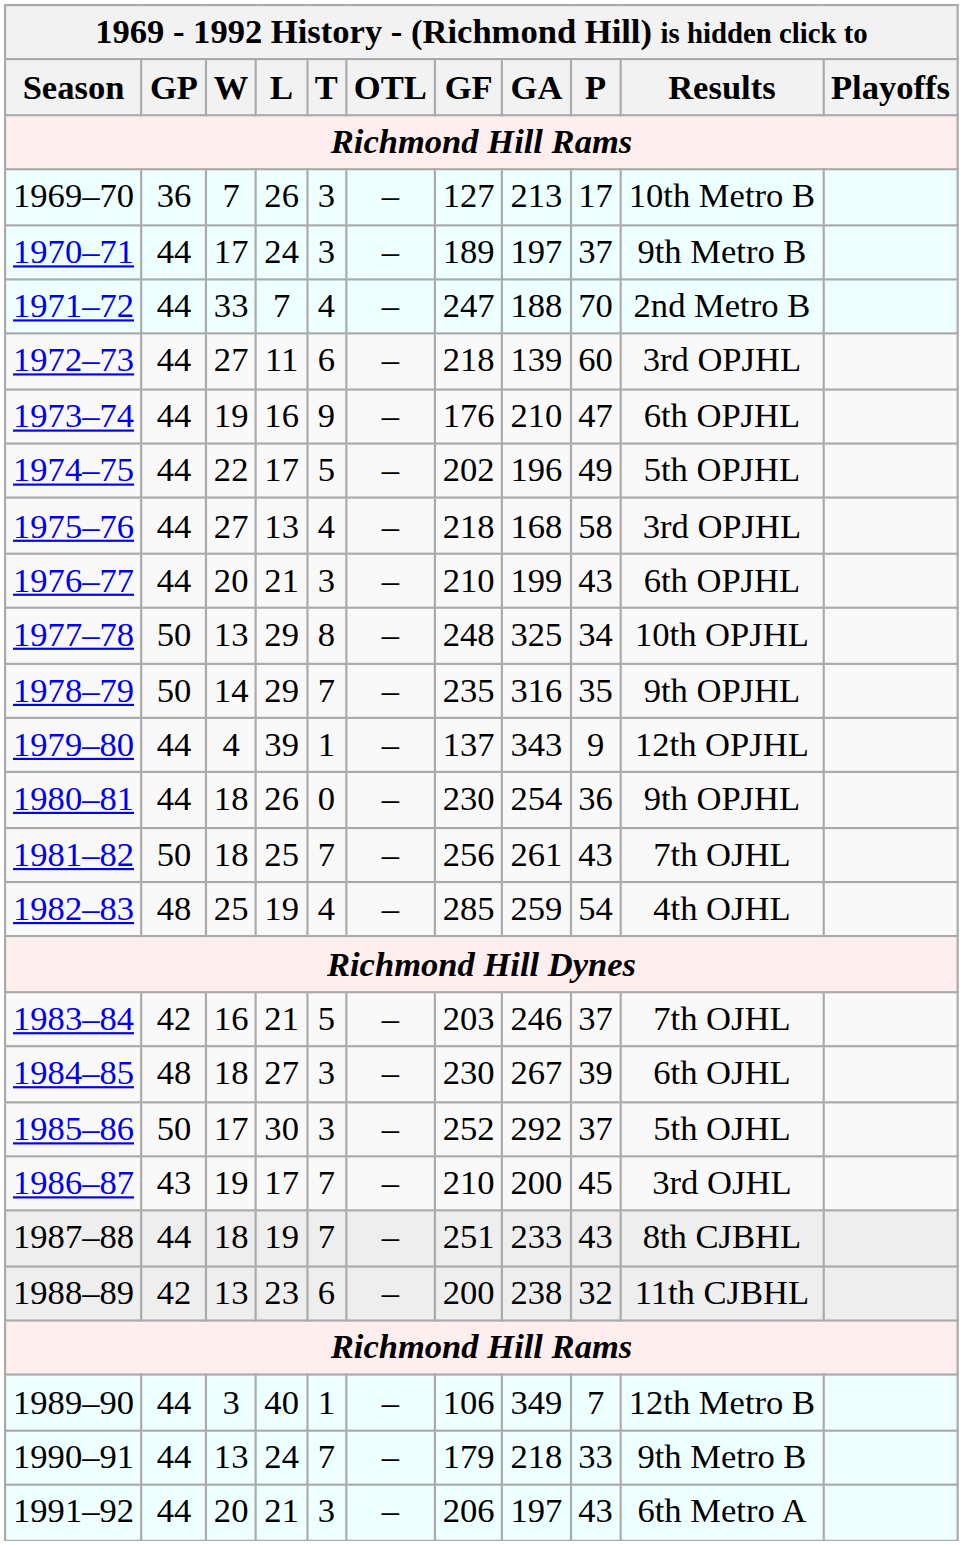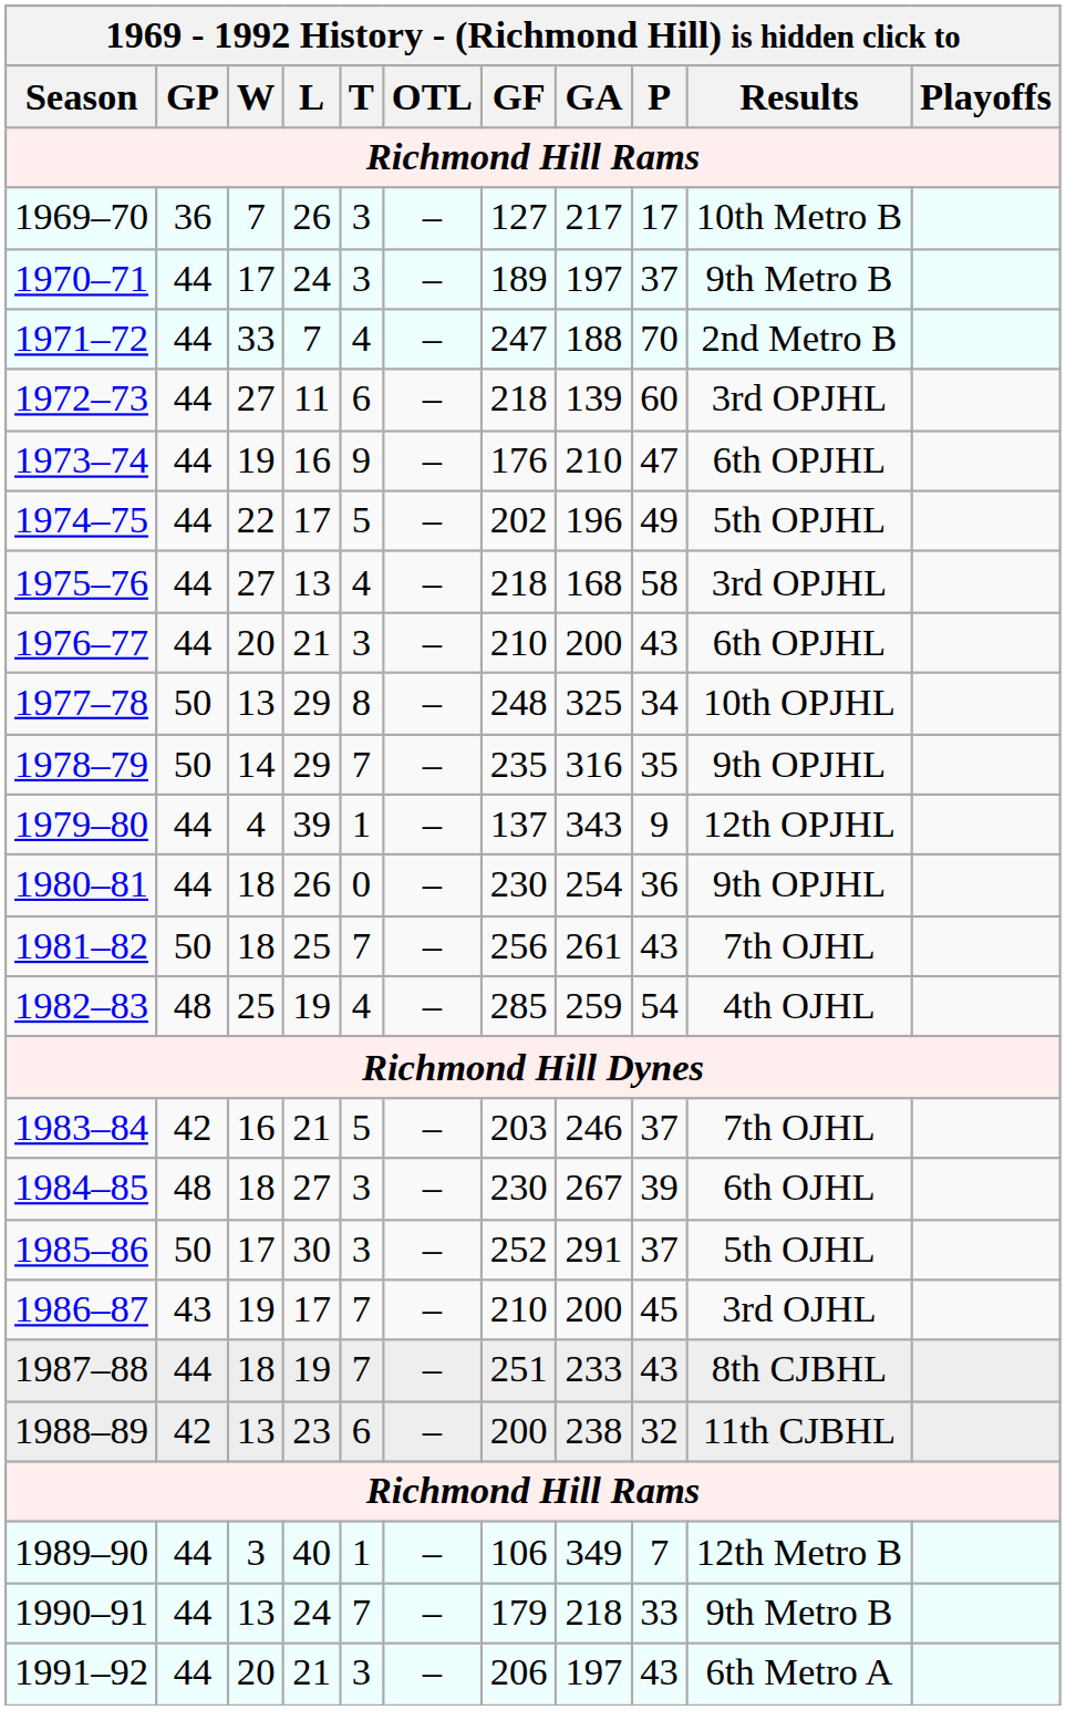 <table class="wikitable collapsible collapsed" style="text-align:center;">
 <tr>
 <th colspan=12 bgcolor="#822433" text_color=white><strong>1969 - 1992 History - (Richmond Hill)</strong> <small>is hidden click to </small></th>
 </tr>
 <tr align="center">
 <th>Season</th>
 <th>GP</th>
 <th>W</th>
 <th>L</th>
 <th>T</th>
 <th>OTL</th>
 <th>GF</th>
 <th>GA</th>
 <th>P</th>
 <th>Results</th>
 <th>Playoffs</th>
 </tr>
 <tr align="center"  bgcolor="#ffeeee">
 <td colspan="11"><strong><em>Richmond Hill Rams</em></strong></td>
 </tr>
 <tr align="center" bgcolor="#EEFFFF">
 <td>1969–70</td>
 <td>36</td>
 <td>7</td>
 <td>26</td>
 <td>3</td>
 <td>–</td>
 <td>127</td>
-<td>213</td>
+<td>217</td>
 <td>17</td>
 <td>10th Metro B</td>
 <td></td>
 </tr>
 <tr align="center" bgcolor="#EEFFFF">
 <td><a href='#'>1970–71</a></td>
 <td>44</td>
 <td>17</td>
 <td>24</td>
 <td>3</td>
 <td>–</td>
 <td>189</td>
 <td>197</td>
 <td>37</td>
 <td>9th Metro B</td>
 <td></td>
 </tr>
 <tr align="center" bgcolor="#EEFFFF">
 <td><a href='#'>1971–72</a></td>
 <td>44</td>
 <td>33</td>
 <td>7</td>
 <td>4</td>
 <td>–</td>
 <td>247</td>
 <td>188</td>
 <td>70</td>
 <td>2nd Metro B</td>
 <td></td>
 </tr>
 <tr align="center">
 <td><a href='#'>1972–73</a></td>
 <td>44</td>
 <td>27</td>
 <td>11</td>
 <td>6</td>
 <td>–</td>
 <td>218</td>
 <td>139</td>
 <td>60</td>
 <td>3rd OPJHL</td>
 <td></td>
 </tr>
 <tr align="center">
 <td><a href='#'>1973–74</a></td>
 <td>44</td>
 <td>19</td>
 <td>16</td>
 <td>9</td>
 <td>–</td>
 <td>176</td>
 <td>210</td>
 <td>47</td>
 <td>6th OPJHL</td>
 <td></td>
 </tr>
 <tr align="center">
 <td><a href='#'>1974–75</a></td>
 <td>44</td>
 <td>22</td>
 <td>17</td>
 <td>5</td>
 <td>–</td>
 <td>202</td>
 <td>196</td>
 <td>49</td>
 <td>5th OPJHL</td>
 <td></td>
 </tr>
 <tr align="center">
 <td><a href='#'>1975–76</a></td>
 <td>44</td>
 <td>27</td>
 <td>13</td>
 <td>4</td>
 <td>–</td>
 <td>218</td>
 <td>168</td>
 <td>58</td>
 <td>3rd OPJHL</td>
 <td></td>
 </tr>
 <tr align="center">
 <td><a href='#'>1976–77</a></td>
 <td>44</td>
 <td>20</td>
 <td>21</td>
 <td>3</td>
 <td>–</td>
 <td>210</td>
-<td>199</td>
+<td>200</td>
 <td>43</td>
 <td>6th OPJHL</td>
 <td></td>
 </tr>
 <tr align="center">
 <td><a href='#'>1977–78</a></td>
 <td>50</td>
 <td>13</td>
 <td>29</td>
 <td>8</td>
 <td>–</td>
 <td>248</td>
 <td>325</td>
 <td>34</td>
 <td>10th OPJHL</td>
 <td></td>
 </tr>
 <tr align="center">
 <td><a href='#'>1978–79</a></td>
 <td>50</td>
 <td>14</td>
 <td>29</td>
 <td>7</td>
 <td>–</td>
 <td>235</td>
 <td>316</td>
 <td>35</td>
 <td>9th OPJHL</td>
 <td></td>
 </tr>
 <tr align="center">
 <td><a href='#'>1979–80</a></td>
 <td>44</td>
 <td>4</td>
 <td>39</td>
 <td>1</td>
 <td>–</td>
 <td>137</td>
 <td>343</td>
 <td>9</td>
 <td>12th OPJHL</td>
 <td></td>
 </tr>
 <tr align="center">
 <td><a href='#'>1980–81</a></td>
 <td>44</td>
 <td>18</td>
 <td>26</td>
 <td>0</td>
 <td>–</td>
 <td>230</td>
 <td>254</td>
 <td>36</td>
 <td>9th OPJHL</td>
 <td></td>
 </tr>
 <tr align="center">
 <td><a href='#'>1981–82</a></td>
 <td>50</td>
 <td>18</td>
 <td>25</td>
 <td>7</td>
 <td>–</td>
 <td>256</td>
 <td>261</td>
 <td>43</td>
 <td>7th OJHL</td>
 <td></td>
 </tr>
 <tr align="center">
 <td><a href='#'>1982–83</a></td>
 <td>48</td>
 <td>25</td>
 <td>19</td>
 <td>4</td>
 <td>–</td>
 <td>285</td>
 <td>259</td>
 <td>54</td>
 <td>4th OJHL</td>
 <td></td>
 </tr>
 <tr align="center"  bgcolor="#ffeeee">
 <td colspan="11"><strong><em>Richmond Hill Dynes</em></strong></td>
 </tr>
 <tr align="center">
 <td><a href='#'>1983–84</a></td>
 <td>42</td>
 <td>16</td>
 <td>21</td>
 <td>5</td>
 <td>–</td>
 <td>203</td>
 <td>246</td>
 <td>37</td>
 <td>7th OJHL</td>
 <td></td>
 </tr>
 <tr align="center">
 <td><a href='#'>1984–85</a></td>
 <td>48</td>
 <td>18</td>
 <td>27</td>
 <td>3</td>
 <td>–</td>
 <td>230</td>
 <td>267</td>
 <td>39</td>
 <td>6th OJHL</td>
 <td></td>
 </tr>
 <tr align="center">
 <td><a href='#'>1985–86</a></td>
 <td>50</td>
 <td>17</td>
 <td>30</td>
 <td>3</td>
 <td>–</td>
 <td>252</td>
-<td>292</td>
+<td>291</td>
 <td>37</td>
 <td>5th OJHL</td>
 <td></td>
 </tr>
 <tr align="center">
 <td><a href='#'>1986–87</a></td>
 <td>43</td>
 <td>19</td>
 <td>17</td>
 <td>7</td>
 <td>–</td>
 <td>210</td>
 <td>200</td>
 <td>45</td>
 <td>3rd OJHL</td>
 <td></td>
 </tr>
 <tr align="center"  bgcolor="#eeeeee">
 <td>1987–88</td>
 <td>44</td>
 <td>18</td>
 <td>19</td>
 <td>7</td>
 <td>–</td>
 <td>251</td>
 <td>233</td>
 <td>43</td>
 <td>8th CJBHL</td>
 <td></td>
 </tr>
 <tr align="center"  bgcolor="#eeeeee">
 <td>1988–89</td>
 <td>42</td>
 <td>13</td>
 <td>23</td>
 <td>6</td>
 <td>–</td>
 <td>200</td>
 <td>238</td>
 <td>32</td>
 <td>11th CJBHL</td>
 <td></td>
 </tr>
 <tr align="center"  bgcolor="#ffeeee">
 <td colspan="11"><strong><em>Richmond Hill Rams</em></strong></td>
 </tr>
 <tr align="center" bgcolor="#EEFFFF">
 <td>1989–90</td>
 <td>44</td>
 <td>3</td>
 <td>40</td>
 <td>1</td>
 <td>–</td>
 <td>106</td>
 <td>349</td>
 <td>7</td>
 <td>12th Metro B</td>
 <td></td>
 </tr>
 <tr align="center" bgcolor="#EEFFFF">
 <td>1990–91</td>
 <td>44</td>
 <td>13</td>
 <td>24</td>
 <td>7</td>
 <td>–</td>
 <td>179</td>
 <td>218</td>
 <td>33</td>
 <td>9th Metro B</td>
 <td></td>
 </tr>
 <tr align="center" bgcolor="#EEFFFF">
 <td>1991–92</td>
 <td>44</td>
 <td>20</td>
 <td>21</td>
 <td>3</td>
 <td>–</td>
 <td>206</td>
 <td>197</td>
 <td>43</td>
 <td>6th Metro A</td>
 <td></td>
 </tr>
 </table>
